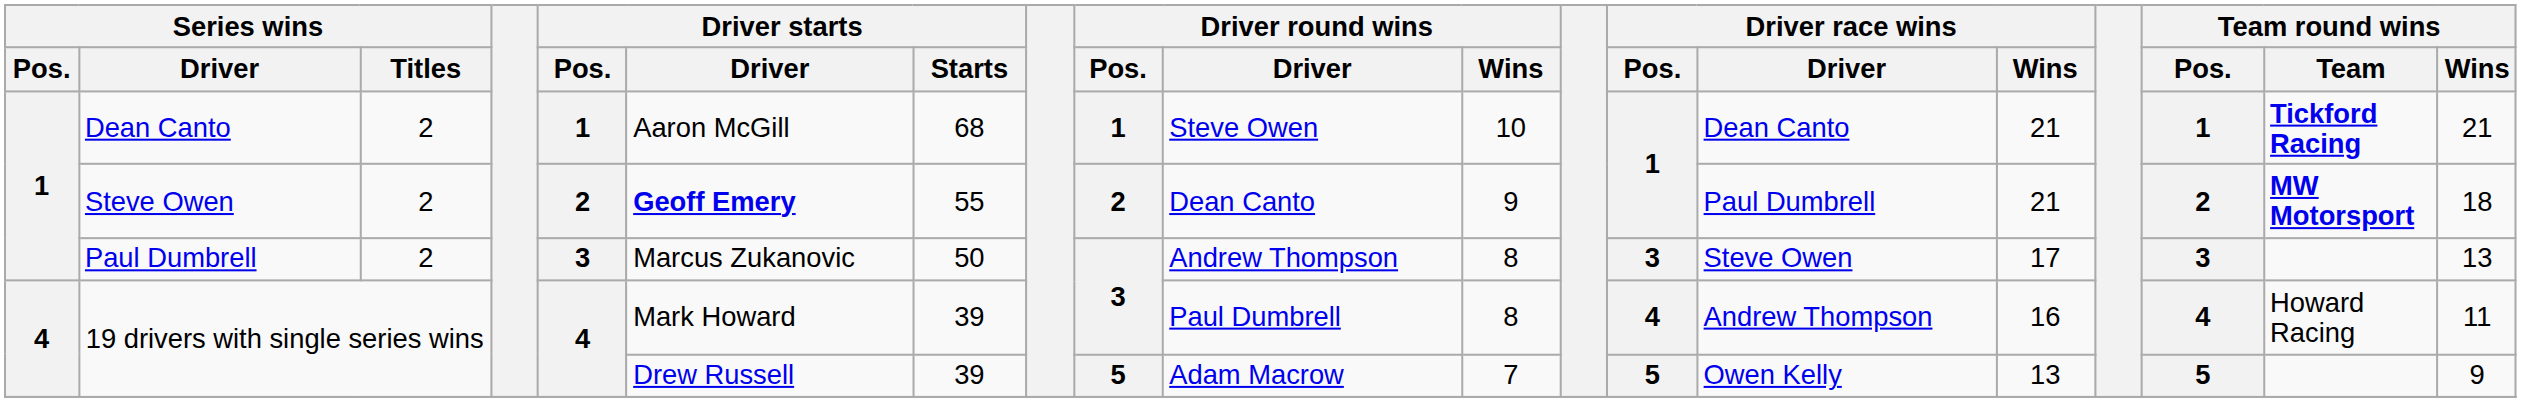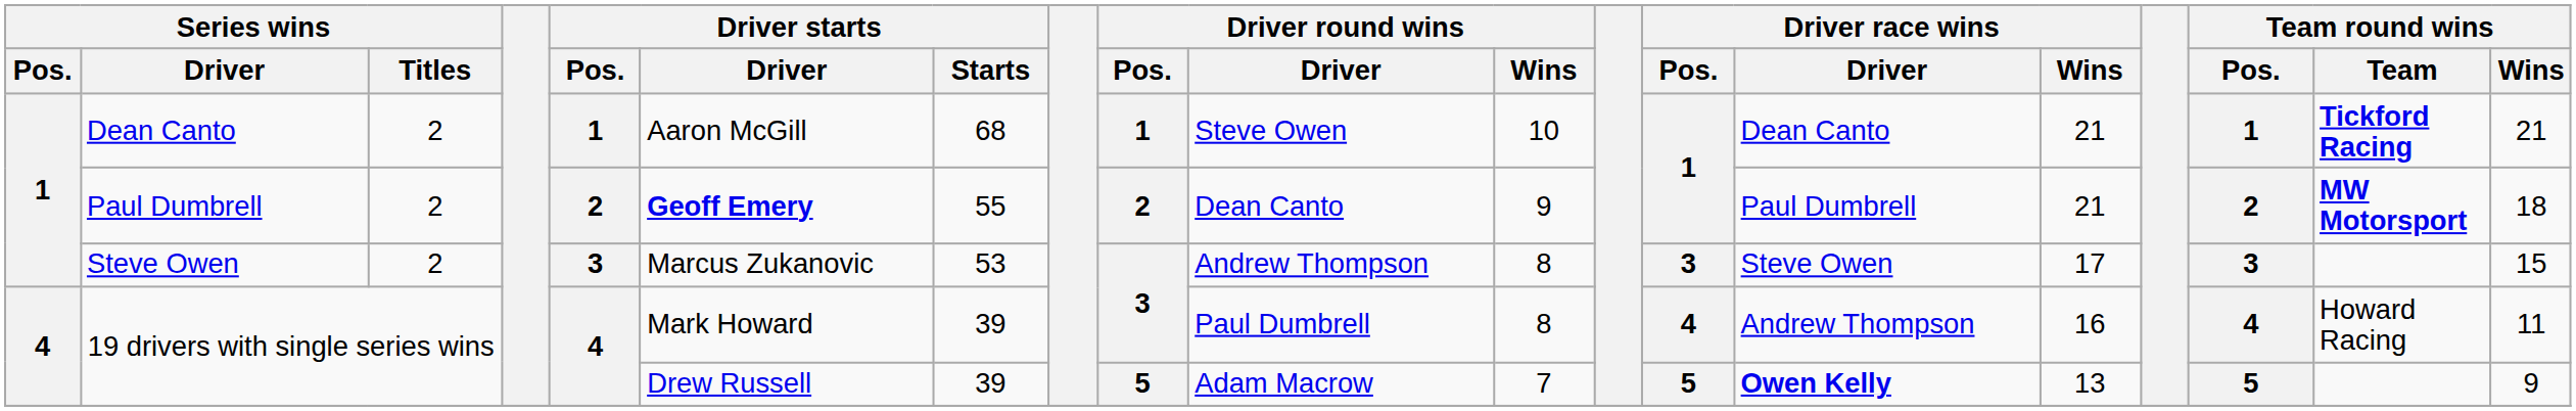 <table class="wikitable" border="1" style="font-size:85%;">
 <tr style="background:#efefef;">
 <th width=20% colspan=3>Series wins</th>
 <th width=2% rowspan=7></th>
 <th width=20% colspan=3>Driver starts</th>
 <th width=2% rowspan=7></th>
 <th width=20% colspan=3>Driver round wins</th>
 <th width=2% rowspan=7></th>
 <th width=20% colspan=3>Driver race wins</th>
 <th width=2% rowspan=7></th>
 <th width=26% colspan=3>Team round wins</th>
 </tr>
 <tr style="background:#efefef;">
 <th>Pos.</th>
 <th>Driver</th>
 <th>Titles</th>
 <th>Pos.</th>
 <th>Driver</th>
 <th>Starts</th>
 <th>Pos.</th>
 <th>Driver</th>
 <th>Wins</th>
 <th>Pos.</th>
 <th>Driver</th>
 <th>Wins</th>
 <th>Pos.</th>
 <th>Team</th>
 <th>Wins</th>
 </tr>
 <tr>
 <th rowspan=3>1</th>
 <td><a href='#'>Dean Canto</a></td>
 <td align=center>2</td>
 <th>1</th>
 <td>Aaron McGill</td>
 <td align=center>68</td>
 <th>1</th>
 <td><a href='#'>Steve Owen</a></td>
 <td align=center>10</td>
 <th rowspan=2>1</th>
 <td><a href='#'>Dean Canto</a></td>
 <td align=center>21</td>
 <th rowspan=1>1</th>
 <td><strong><a href='#'>Tickford Racing</a></strong></td>
 <td align=center>21</td>
 </tr>
 <tr>
-<td><a href='#'>Steve Owen</a></td>
+<td><a href='#'>Paul Dumbrell</a></td>
 <td align=center>2</td>
 <th>2</th>
 <td><strong><a href='#'>Geoff Emery</a></strong></td>
 <td align=center>55</td>
 <th>2</th>
 <td><a href='#'>Dean Canto</a></td>
 <td align=center>9</td>
 <td><a href='#'>Paul Dumbrell</a></td>
 <td align=center>21</td>
 <th>2</th>
 <td><strong><a href='#'>MW Motorsport</a></strong></td>
 <td align=center>18</td>
 </tr>
 <tr>
-<td><a href='#'>Paul Dumbrell</a></td>
+<td><a href='#'>Steve Owen</a></td>
 <td align=center>2</td>
 <th>3</th>
 <td>Marcus Zukanovic</td>
-<td align=center>50</td>
+<td align=center>53</td>
 <th rowspan=2>3</th>
 <td><a href='#'>Andrew Thompson</a></td>
 <td align=center>8</td>
 <th>3</th>
 <td><a href='#'>Steve Owen</a></td>
 <td align=center>17</td>
 <th>3</th>
 <td></td>
-<td align=center>13</td>
+<td align=center>15</td>
 </tr>
 <tr>
 <th rowspan=2>4</th>
 <td rowspan=2 colspan=2 align=center>19 drivers with single series wins</td>
 <th rowspan=2>4</th>
 <td>Mark Howard</td>
 <td align=center>39</td>
 <td><a href='#'>Paul Dumbrell</a></td>
 <td align=center>8</td>
 <th>4</th>
 <td><a href='#'>Andrew Thompson</a></td>
 <td align=center>16</td>
 <th>4</th>
 <td>Howard Racing</td>
 <td align=center>11</td>
 </tr>
 <tr>
 <td><a href='#'>Drew Russell</a></td>
 <td align=center>39</td>
 <th>5</th>
 <td><a href='#'>Adam Macrow</a></td>
 <td align=center>7</td>
 <th>5</th>
-<td><a href='#'>Owen Kelly</a></td>
+<td><strong><a href='#'>Owen Kelly</a></strong></td>
 <td align=center>13</td>
 <th>5</th>
 <td></td>
 <td align=center>9</td>
 </tr>
 <tr>
 </tr>
 </table>
